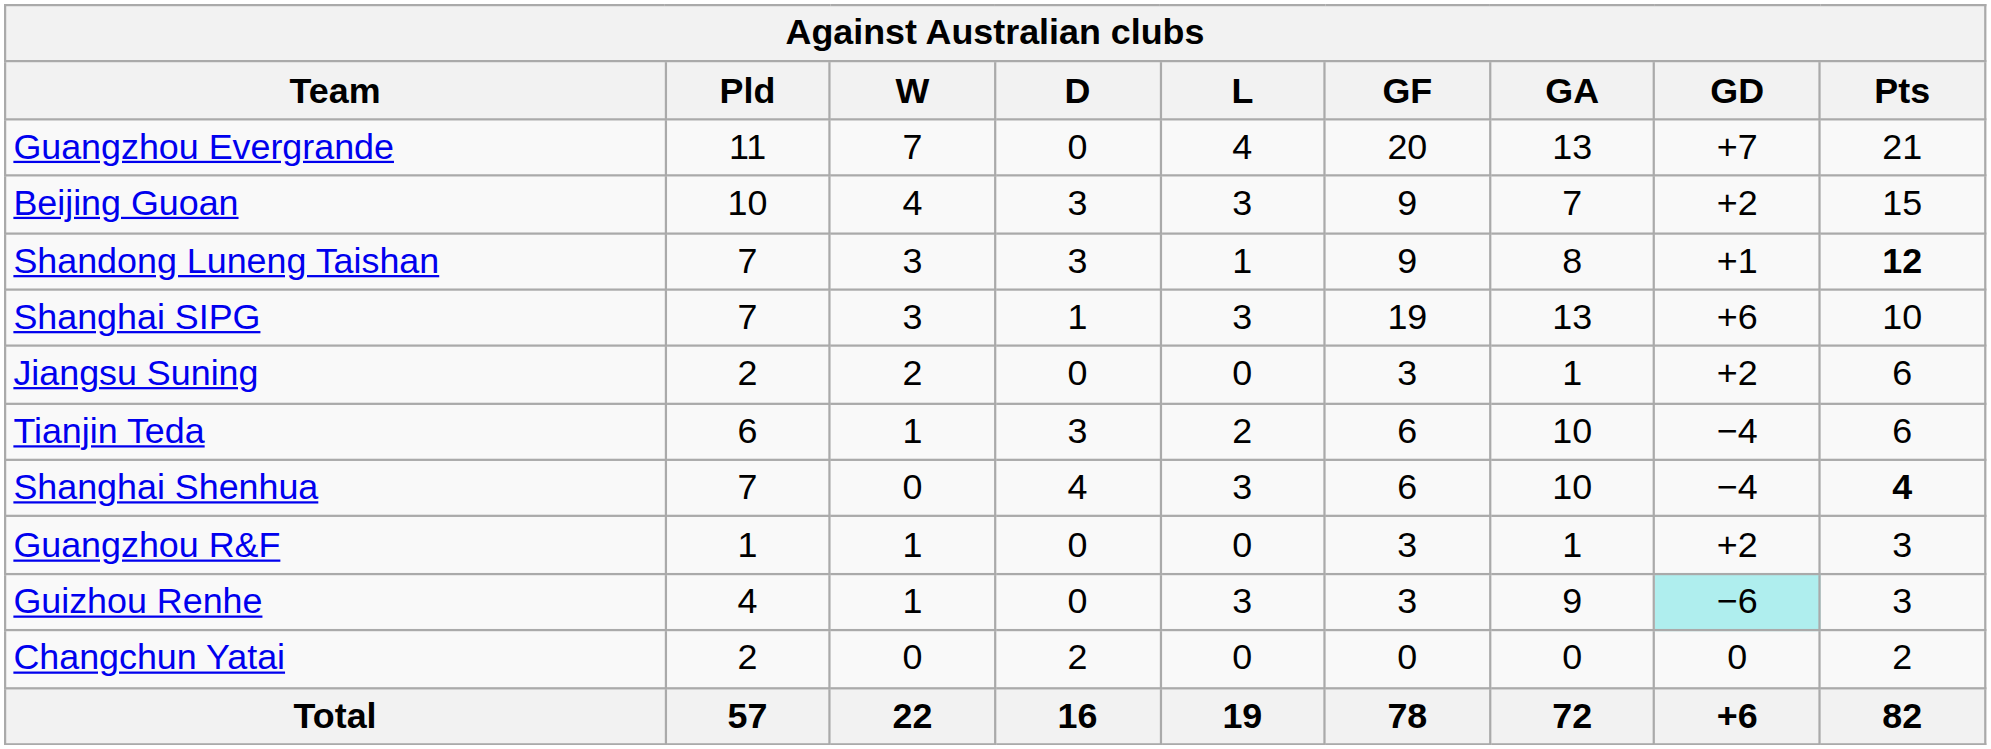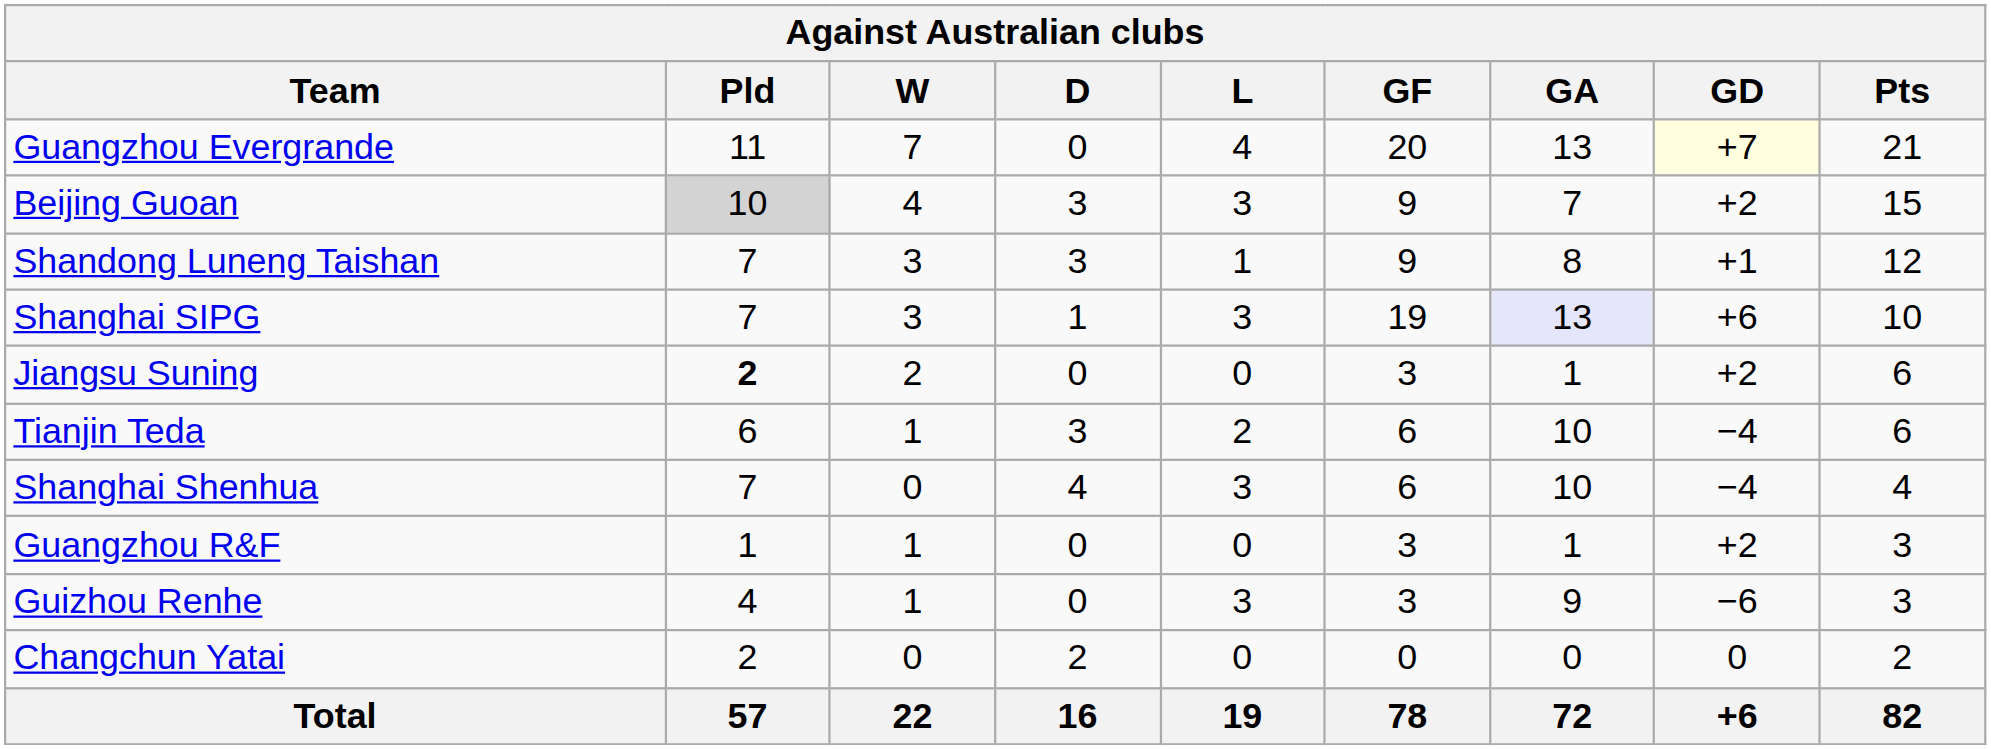 <table width=70% class="wikitable" style="text-align:center">
 <tr>
 <th colspan=9>Against Australian clubs</th>
 </tr>
 <tr>
 <th width=20%>Team</th>
 <th width=5%>Pld</th>
 <th width=5%>W</th>
 <th width=5%>D</th>
 <th width=5%>L</th>
 <th width=5%>GF</th>
 <th width=5%>GA</th>
 <th width=5%>GD</th>
 <th width=5%>Pts</th>
 </tr>
 <tr>
 <td align=left> <a href='#'>Guangzhou Evergrande</a></td>
 <td>11</td>
 <td>7</td>
 <td>0</td>
 <td>4</td>
 <td>20</td>
 <td>13</td>
-<td>+7</td>
+<td style="background: lightyellow;">+7</td>
 <td>21</td>
 </tr>
 <tr>
 <td align=left> <a href='#'>Beijing Guoan</a></td>
-<td>10</td>
+<td style="background: lightgrey;">10</td>
 <td>4</td>
 <td>3</td>
 <td>3</td>
 <td>9</td>
 <td>7</td>
 <td>+2</td>
 <td>15</td>
 </tr>
 <tr>
 <td align=left> <a href='#'>Shandong Luneng Taishan</a></td>
 <td>7</td>
 <td>3</td>
 <td>3</td>
 <td>1</td>
 <td>9</td>
 <td>8</td>
 <td>+1</td>
-<td><strong>12</strong></td>
+<td>12</td>
 </tr>
 <tr>
 <td align=left> <a href='#'>Shanghai SIPG</a></td>
 <td>7</td>
 <td>3</td>
 <td>1</td>
 <td>3</td>
 <td>19</td>
-<td>13</td>
+<td style="background: lavender;">13</td>
 <td>+6</td>
 <td>10</td>
 </tr>
 <tr>
 <td align=left> <a href='#'>Jiangsu Suning</a></td>
-<td>2</td>
+<td><strong>2</strong></td>
 <td>2</td>
 <td>0</td>
 <td>0</td>
 <td>3</td>
 <td>1</td>
 <td>+2</td>
 <td>6</td>
 </tr>
 <tr>
 <td align=left> <a href='#'>Tianjin Teda</a></td>
 <td>6</td>
 <td>1</td>
 <td>3</td>
 <td>2</td>
 <td>6</td>
 <td>10</td>
 <td>−4</td>
 <td>6</td>
 </tr>
 <tr>
 <td align=left> <a href='#'>Shanghai Shenhua</a></td>
 <td>7</td>
 <td>0</td>
 <td>4</td>
 <td>3</td>
 <td>6</td>
 <td>10</td>
 <td>−4</td>
-<td><strong>4</strong></td>
+<td>4</td>
 </tr>
 <tr>
 <td align=left> <a href='#'>Guangzhou R&F</a></td>
 <td>1</td>
 <td>1</td>
 <td>0</td>
 <td>0</td>
 <td>3</td>
 <td>1</td>
 <td>+2</td>
 <td>3</td>
 </tr>
 <tr>
 <td align=left> <a href='#'>Guizhou Renhe</a></td>
 <td>4</td>
 <td>1</td>
 <td>0</td>
 <td>3</td>
 <td>3</td>
 <td>9</td>
-<td style="background: paleturquoise;">−6</td>
+<td>−6</td>
 <td>3</td>
 </tr>
 <tr>
 <td align=left> <a href='#'>Changchun Yatai</a></td>
 <td>2</td>
 <td>0</td>
 <td>2</td>
 <td>0</td>
 <td>0</td>
 <td>0</td>
 <td>0</td>
 <td>2</td>
 </tr>
 <tr>
 <th>Total</th>
 <th>57</th>
 <th>22</th>
 <th>16</th>
 <th>19</th>
 <th>78</th>
 <th>72</th>
 <th>+6</th>
 <th>82</th>
 </tr>
 </table>
